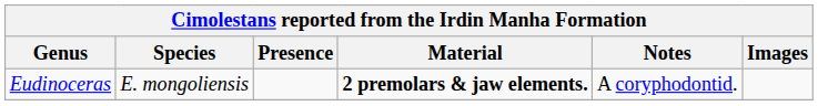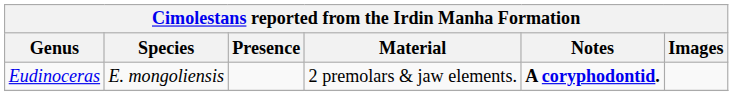 <table class="wikitable" align="center">
 <tr>
 <th colspan="6" align="center"><strong><a href='#'>Cimolestans</a> reported from the Irdin Manha Formation</strong></th>
 </tr>
 <tr>
 <th>Genus</th>
 <th>Species</th>
 <th>Presence</th>
 <th><strong>Material</strong></th>
 <th>Notes</th>
 <th>Images</th>
 </tr>
 <tr>
 <td><em><a href='#'>Eudinoceras</a></em></td>
 <td><em>E. mongoliensis</em></td>
 <td></td>
-<td><strong>2 premolars & jaw elements.</strong></td>
-<td>A <a href='#'>coryphodontid</a>.</td>
+<td>2 premolars & jaw elements.</td>
+<td><strong>A <a href='#'>coryphodontid</a>.</strong></td>
 <td></td>
 </tr>
 <tr>
 </tr>
 </table>
